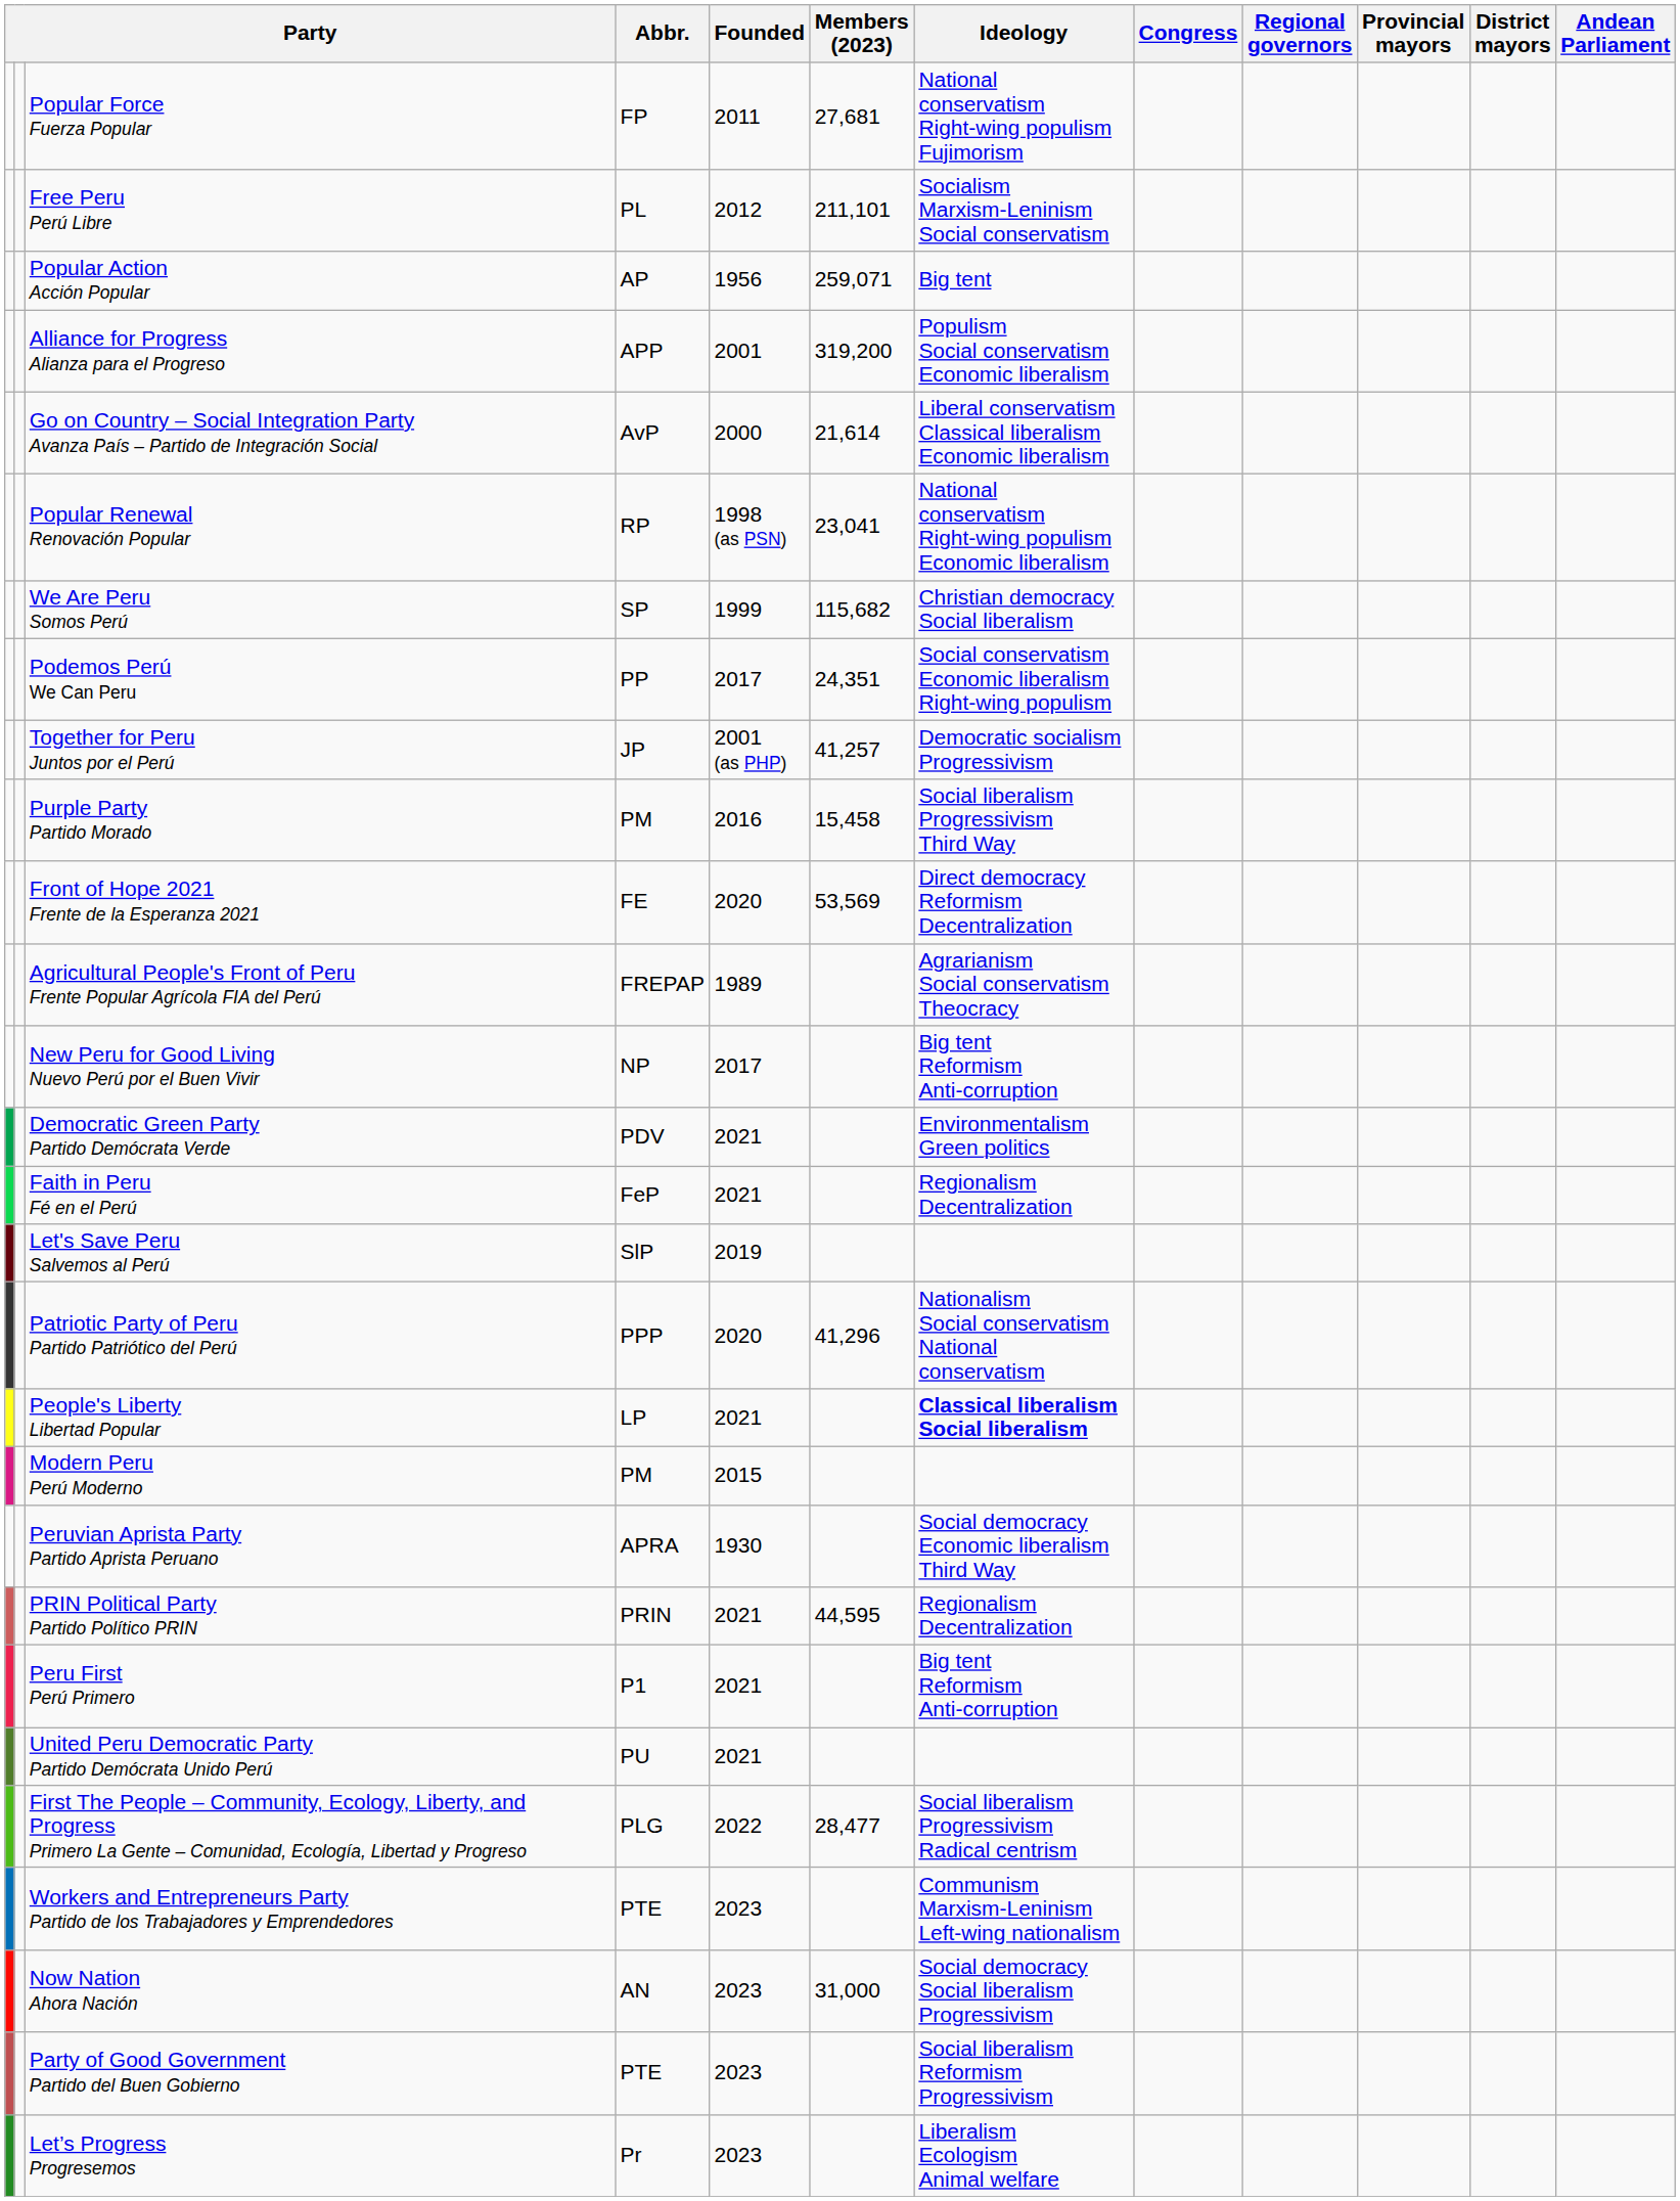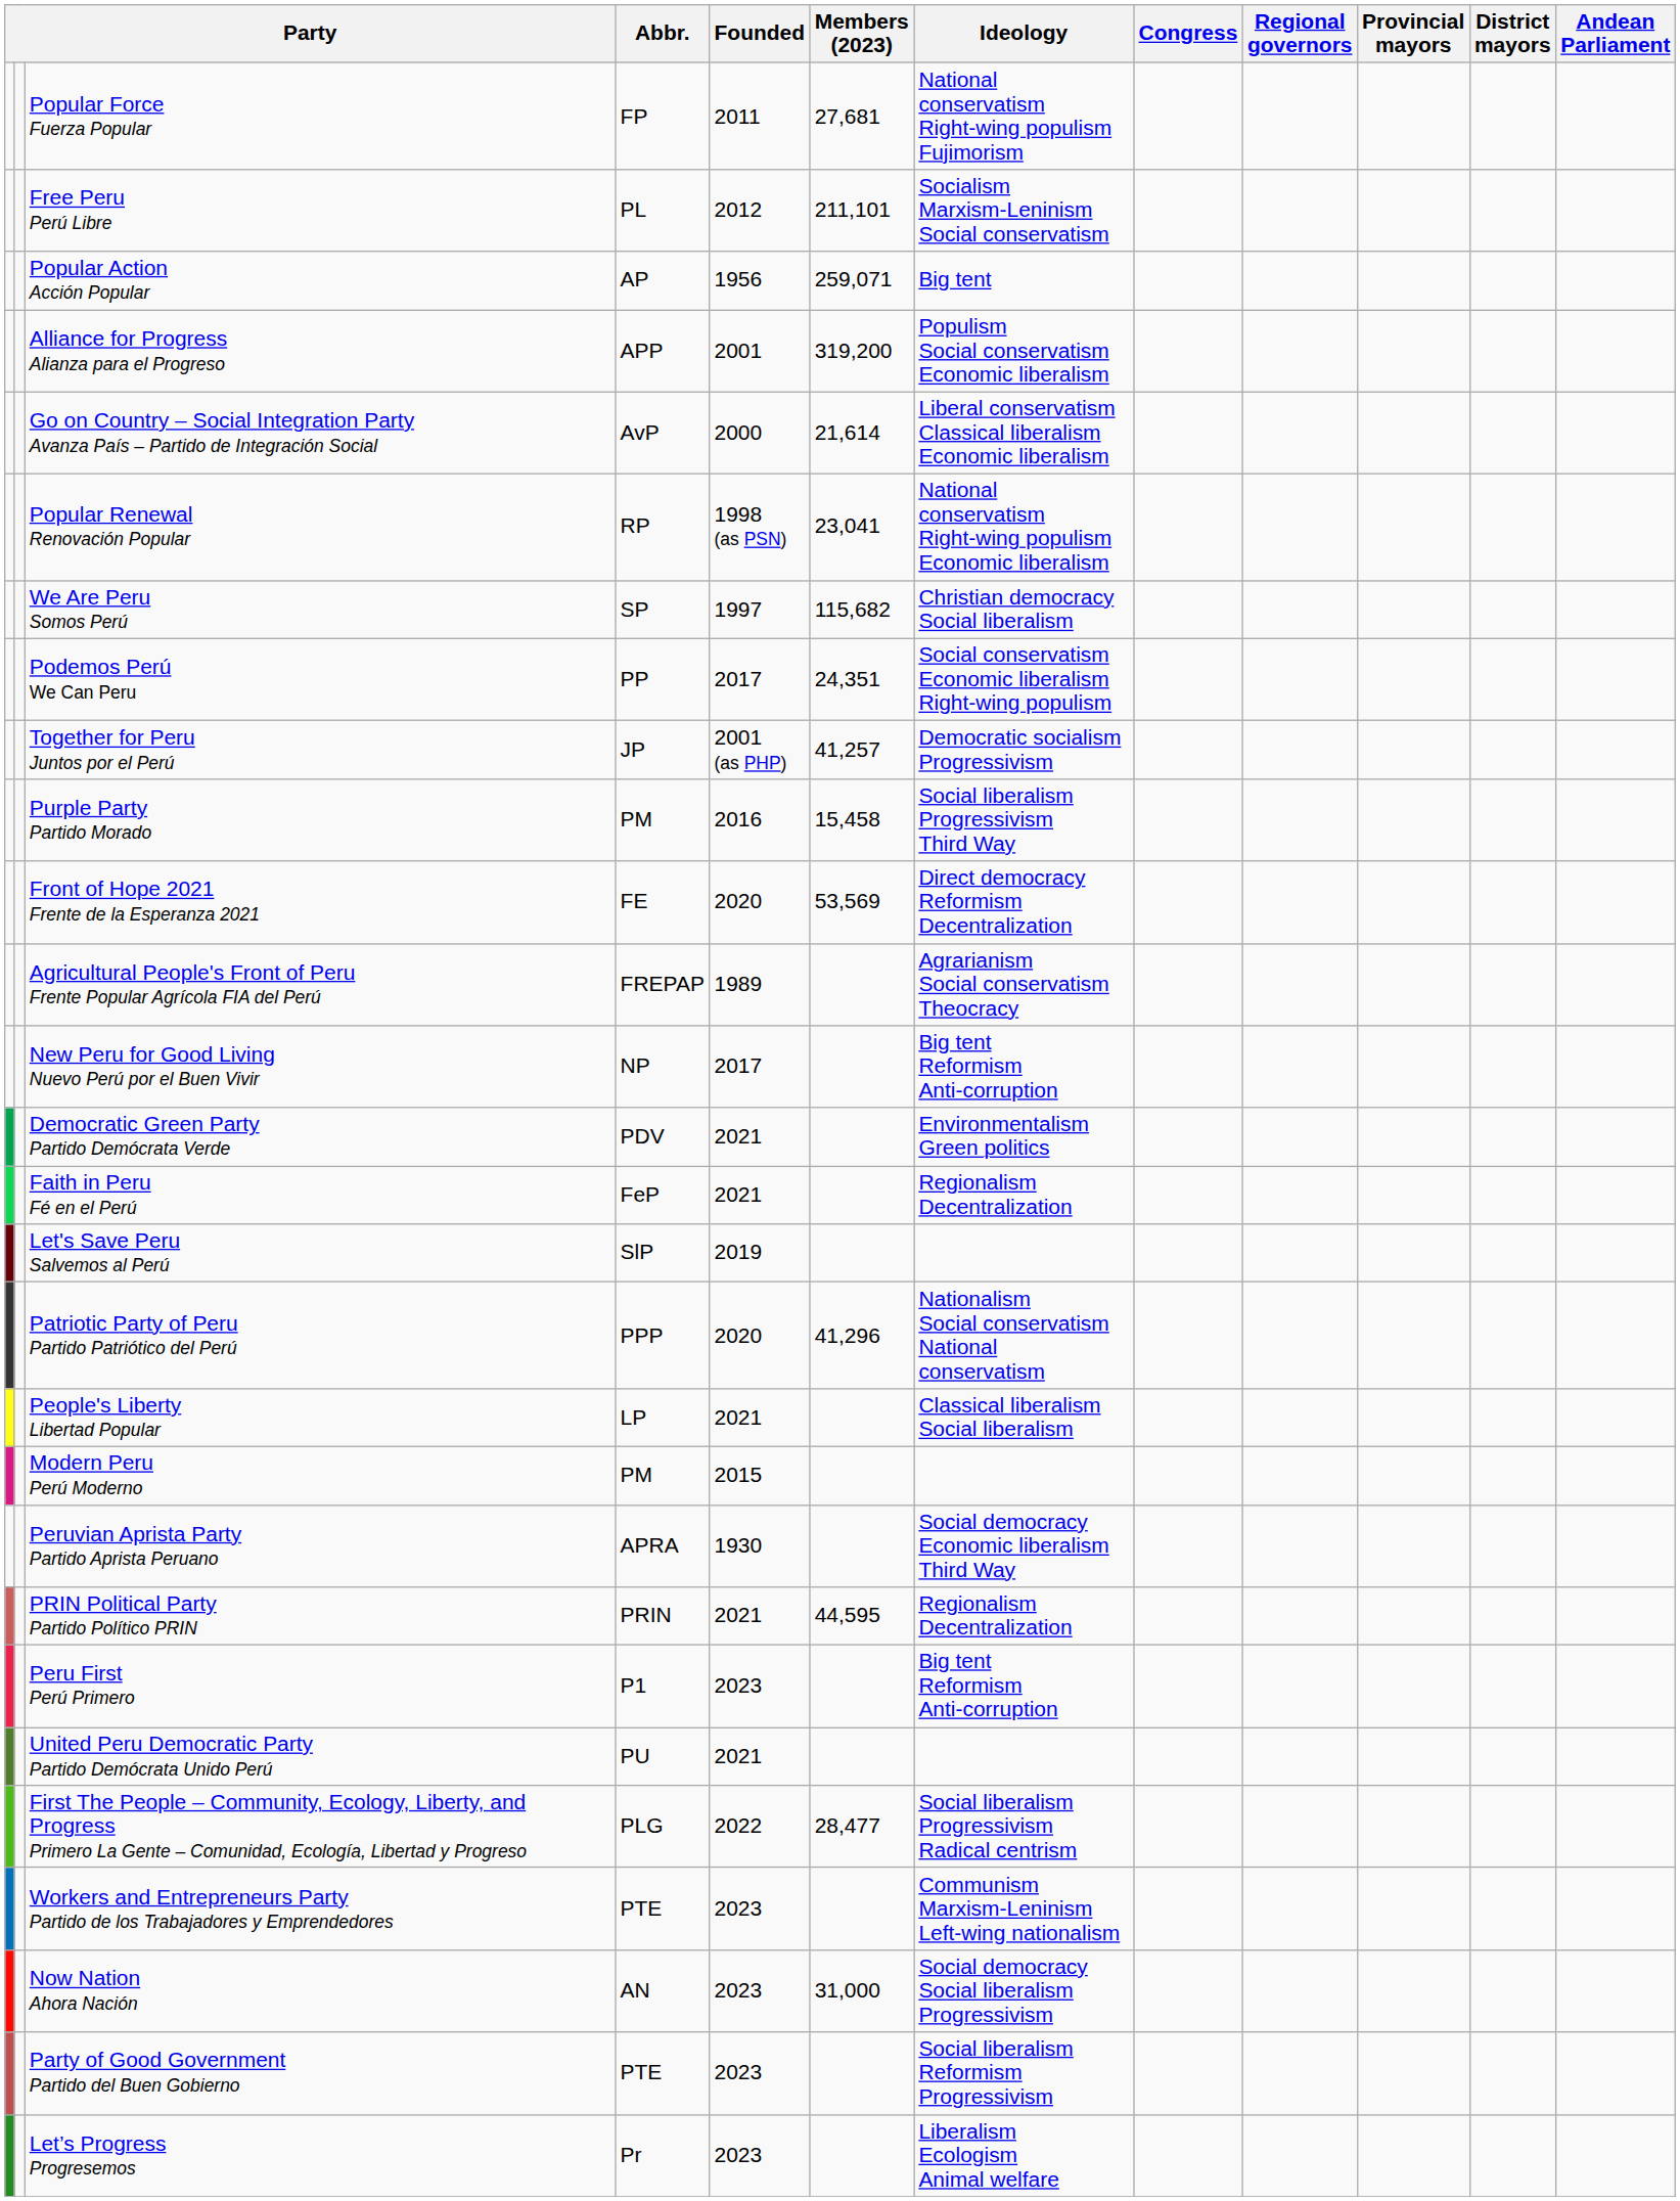 <table class="wikitable sortable">
 <tr>
 <th colspan=3>Party</th>
 <th>Abbr.</th>
 <th>Founded</th>
 <th>Members<br>(2023)</th>
 <th>Ideology</th>
 <th><a href='#'>Congress</a></th>
 <th><a href='#'>Regional<br>governors</a></th>
 <th>Provincial<br>mayors</th>
 <th>District<br>mayors</th>
 <th><a href='#'>Andean<br>Parliament</a></th>
 </tr>
 <tr>
 <td></td>
 <td></td>
 <td><a href='#'>Popular Force</a><br><small><em>Fuerza Popular</em></small></td>
 <td>FP</td>
 <td>2011</td>
 <td>27,681</td>
 <td><a href='#'>National conservatism</a><br><a href='#'>Right-wing populism</a><br><a href='#'>Fujimorism</a></td>
 <td></td>
 <td></td>
 <td></td>
 <td></td>
 <td></td>
 </tr>
 <tr>
 <td></td>
 <td></td>
 <td><a href='#'>Free Peru</a><br><small><em>Perú Libre</em></small></td>
 <td>PL</td>
 <td>2012</td>
 <td>211,101</td>
 <td><a href='#'>Socialism</a><br><a href='#'>Marxism-Leninism</a><br><a href='#'>Social conservatism</a></td>
 <td></td>
 <td></td>
 <td></td>
 <td></td>
 <td></td>
 </tr>
 <tr>
 <td></td>
 <td></td>
 <td><a href='#'>Popular Action</a><br><small><em>Acción Popular</em></small></td>
 <td>AP</td>
 <td>1956</td>
 <td>259,071</td>
 <td><a href='#'>Big tent</a></td>
 <td></td>
 <td></td>
 <td></td>
 <td></td>
 <td></td>
 </tr>
 <tr>
 <td></td>
 <td></td>
 <td><a href='#'>Alliance for Progress</a><br><small><em>Alianza para el Progreso</em></small></td>
 <td>APP</td>
 <td>2001</td>
 <td>319,200</td>
 <td><a href='#'>Populism</a><br><a href='#'>Social conservatism</a><br><a href='#'>Economic liberalism</a></td>
 <td></td>
 <td></td>
 <td></td>
 <td></td>
 <td></td>
 </tr>
 <tr>
 <td bgcolor=></td>
 <td></td>
 <td><a href='#'>Go on Country – Social Integration Party</a><br><small><em>Avanza País – Partido de Integración Social</em></small></td>
 <td>AvP</td>
 <td>2000</td>
 <td>21,614</td>
 <td><a href='#'>Liberal conservatism</a><br><a href='#'>Classical liberalism</a><br><a href='#'>Economic liberalism</a></td>
 <td></td>
 <td></td>
 <td></td>
 <td></td>
 <td></td>
 </tr>
 <tr>
 <td></td>
 <td></td>
 <td><a href='#'>Popular Renewal</a><br><small><em>Renovación Popular</em></small></td>
 <td>RP</td>
 <td>1998<br><small>(as <a href='#'>PSN</a>)</small></td>
 <td>23,041</td>
 <td><a href='#'>National conservatism</a><br><a href='#'>Right-wing populism</a><br><a href='#'>Economic liberalism</a></td>
 <td></td>
 <td></td>
 <td></td>
 <td></td>
 <td></td>
 </tr>
 <tr>
 <td></td>
 <td></td>
 <td><a href='#'>We Are Peru</a><br><small><em>Somos Perú</em></small></td>
 <td>SP</td>
-<td>1999</td>
+<td>1997</td>
 <td>115,682</td>
 <td><a href='#'>Christian democracy</a><br><a href='#'>Social liberalism</a></td>
 <td></td>
 <td></td>
 <td></td>
 <td></td>
 <td></td>
 </tr>
 <tr>
 <td></td>
 <td></td>
 <td><a href='#'>Podemos Perú</a><br><small>We Can Peru</small></td>
 <td>PP</td>
 <td>2017</td>
 <td>24,351</td>
 <td><a href='#'>Social conservatism</a><br><a href='#'>Economic liberalism</a><br><a href='#'>Right-wing populism</a></td>
 <td></td>
 <td></td>
 <td></td>
 <td></td>
 <td></td>
 </tr>
 <tr>
 <td></td>
 <td></td>
 <td><a href='#'>Together for Peru</a><br><small><em>Juntos por el Perú</em></small></td>
 <td>JP</td>
 <td>2001<br><small>(as <a href='#'>PHP</a>)</small></td>
 <td>41,257</td>
 <td><a href='#'>Democratic socialism</a><br><a href='#'>Progressivism</a></td>
 <td></td>
 <td></td>
 <td></td>
 <td></td>
 <td></td>
 </tr>
 <tr>
 <td></td>
 <td></td>
 <td><a href='#'>Purple Party</a><br><small><em>Partido Morado</em></small></td>
 <td>PM</td>
 <td>2016</td>
 <td>15,458</td>
 <td><a href='#'>Social liberalism</a><br><a href='#'>Progressivism</a><br><a href='#'>Third Way</a></td>
 <td></td>
 <td></td>
 <td></td>
 <td></td>
 <td></td>
 </tr>
 <tr>
 <td></td>
 <td></td>
 <td><a href='#'>Front of Hope 2021</a><br><small><em>Frente de la Esperanza 2021</em></small></td>
 <td>FE</td>
 <td>2020</td>
 <td>53,569</td>
 <td><a href='#'>Direct democracy</a><br><a href='#'>Reformism</a><br><a href='#'>Decentralization</a></td>
 <td></td>
 <td></td>
 <td></td>
 <td></td>
 <td></td>
 </tr>
 <tr>
 <td></td>
 <td></td>
 <td><a href='#'>Agricultural People's Front of Peru</a><br><small><em>Frente Popular Agrícola FIA del Perú</em></small></td>
 <td>FREPAP</td>
 <td>1989</td>
 <td></td>
 <td><a href='#'>Agrarianism</a><br><a href='#'>Social conservatism</a><br><a href='#'>Theocracy</a></td>
 <td></td>
 <td></td>
 <td></td>
 <td></td>
 <td></td>
 </tr>
 <tr>
 <td bgcolor=></td>
 <td></td>
 <td><a href='#'>New Peru for Good Living</a><br><small><em>Nuevo Perú por el Buen Vivir</em></small></td>
 <td>NP</td>
 <td>2017</td>
 <td></td>
 <td><a href='#'>Big tent</a><br><a href='#'>Reformism</a><br><a href='#'>Anti-corruption</a></td>
 <td></td>
 <td></td>
 <td></td>
 <td></td>
 <td></td>
 </tr>
 <tr>
 <td bgcolor=#00A550></td>
 <td></td>
 <td><a href='#'>Democratic Green Party</a><br><small><em>Partido Demócrata Verde</em></small></td>
 <td>PDV</td>
 <td>2021</td>
 <td></td>
 <td><a href='#'>Environmentalism</a><br><a href='#'>Green politics</a></td>
 <td></td>
 <td></td>
 <td></td>
 <td></td>
 <td></td>
 </tr>
 <tr>
 <td bgcolor=#0BDA51></td>
 <td></td>
 <td><a href='#'>Faith in Peru</a><br><small><em>Fé en el Perú</em></small></td>
 <td>FeP</td>
 <td>2021</td>
 <td></td>
 <td><a href='#'>Regionalism</a><br><a href='#'>Decentralization</a></td>
 <td></td>
 <td></td>
 <td></td>
 <td></td>
 <td></td>
 </tr>
 <tr>
 <td bgcolor=#65000B></td>
 <td></td>
 <td><a href='#'>Let's Save Peru</a><br><small><em>Salvemos al Perú</em></small></td>
 <td>SlP</td>
 <td>2019</td>
 <td></td>
 <td></td>
 <td></td>
 <td></td>
 <td></td>
 <td></td>
 <td></td>
 </tr>
 <tr>
 <td bgcolor=#343434></td>
 <td></td>
 <td><a href='#'>Patriotic Party of Peru</a><br><small><em>Partido Patriótico del Perú</em></small></td>
 <td>PPP</td>
 <td>2020</td>
 <td>41,296</td>
 <td><a href='#'>Nationalism</a><br><a href='#'>Social conservatism</a><br><a href='#'>National conservatism</a></td>
 <td></td>
 <td></td>
 <td></td>
 <td></td>
 <td></td>
 </tr>
 <tr>
 <td bgcolor=#FFFF16></td>
 <td></td>
 <td><a href='#'>People's Liberty</a><br><small><em>Libertad Popular</em></small></td>
 <td>LP</td>
 <td>2021</td>
 <td></td>
-<td><strong><a href='#'>Classical liberalism</a><br><a href='#'>Social liberalism</a></strong></td>
+<td><a href='#'>Classical liberalism</a><br><a href='#'>Social liberalism</a></td>
 <td></td>
 <td></td>
 <td></td>
 <td></td>
 <td></td>
 </tr>
 <tr>
 <td bgcolor=#DA1884></td>
 <td></td>
 <td><a href='#'>Modern Peru</a><br><small><em>Perú Moderno</em></small></td>
 <td>PM</td>
 <td>2015</td>
 <td></td>
 <td></td>
 <td></td>
 <td></td>
 <td></td>
 <td></td>
 <td></td>
 </tr>
 <tr>
 <td></td>
 <td></td>
 <td><a href='#'>Peruvian Aprista Party</a><br><small><em>Partido Aprista Peruano</em></small></td>
 <td>APRA</td>
 <td>1930</td>
 <td></td>
 <td><a href='#'>Social democracy</a><br><a href='#'>Economic liberalism</a><br><a href='#'>Third Way</a></td>
 <td></td>
 <td></td>
 <td></td>
 <td></td>
 <td></td>
 </tr>
 <tr>
 <td bgcolor=#CD5C5C></td>
 <td></td>
 <td><a href='#'>PRIN Political Party</a><br><small><em>Partido Político PRIN</em></small></td>
 <td>PRIN</td>
 <td>2021</td>
 <td>44,595</td>
 <td><a href='#'>Regionalism</a><br><a href='#'>Decentralization</a></td>
 <td></td>
 <td></td>
 <td></td>
 <td></td>
 <td></td>
 </tr>
 <tr>
 <td bgcolor=#EE204E></td>
 <td></td>
 <td><a href='#'>Peru First</a><br><small><em>Perú Primero</em></small></td>
 <td>P1</td>
-<td>2021</td>
+<td>2023</td>
 <td></td>
 <td><a href='#'>Big tent</a><br><a href='#'>Reformism</a><br><a href='#'>Anti-corruption</a></td>
 <td></td>
 <td></td>
 <td></td>
 <td></td>
 <td></td>
 </tr>
 <tr>
 <td bgcolor=#507D2A></td>
 <td></td>
 <td><a href='#'>United Peru Democratic Party</a><br><small><em>Partido Demócrata Unido Perú</em></small></td>
 <td>PU</td>
 <td>2021</td>
 <td></td>
 <td></td>
 <td></td>
 <td></td>
 <td></td>
 <td></td>
 <td></td>
 </tr>
 <tr>
 <td bgcolor=#4CBB17></td>
 <td></td>
 <td><a href='#'>First The People – Community, Ecology, Liberty, and Progress</a><br><small><em>Primero La Gente – Comunidad, Ecología, Libertad y Progreso</em></small></td>
 <td>PLG</td>
 <td>2022</td>
 <td>28,477</td>
 <td><a href='#'>Social liberalism</a><br><a href='#'>Progressivism</a><br><a href='#'>Radical centrism</a></td>
 <td></td>
 <td></td>
 <td></td>
 <td></td>
 <td></td>
 </tr>
 <tr>
 <td bgcolor=#0070B8></td>
 <td></td>
 <td><a href='#'>Workers and Entrepreneurs Party</a><br><small><em>Partido de los Trabajadores y Emprendedores</em></small></td>
 <td>PTE</td>
 <td>2023</td>
 <td></td>
 <td><a href='#'>Communism</a><br><a href='#'>Marxism-Leninism</a><br><a href='#'>Left-wing nationalism</a></td>
 <td></td>
 <td></td>
 <td></td>
 <td></td>
 <td></td>
 </tr>
 <tr>
 <td bgcolor=#FF0800></td>
 <td></td>
 <td><a href='#'>Now Nation</a><br><small><em>Ahora Nación</em></small></td>
 <td>AN</td>
 <td>2023</td>
 <td>31,000</td>
 <td><a href='#'>Social democracy</a><br><a href='#'>Social liberalism</a><br><a href='#'>Progressivism</a></td>
 <td></td>
 <td></td>
 <td></td>
 <td></td>
 <td></td>
 </tr>
 <tr>
 <td bgcolor=#BF4F51></td>
 <td></td>
 <td><a href='#'>Party of Good Government</a><br><small><em>Partido del Buen Gobierno</em></small></td>
 <td>PTE</td>
 <td>2023</td>
 <td></td>
 <td><a href='#'>Social liberalism</a><br><a href='#'>Reformism</a><br><a href='#'>Progressivism</a></td>
 <td></td>
 <td></td>
 <td></td>
 <td></td>
 <td></td>
 </tr>
 <tr>
 <td bgcolor=#228B22></td>
 <td></td>
 <td><a href='#'>Let’s Progress</a><br><small><em>Progresemos</em></small></td>
 <td>Pr</td>
 <td>2023</td>
 <td></td>
 <td><a href='#'>Liberalism</a><br><a href='#'>Ecologism</a><br><a href='#'>Animal welfare</a></td>
 <td></td>
 <td></td>
 <td></td>
 <td></td>
 <td></td>
 </tr>
 </table>
